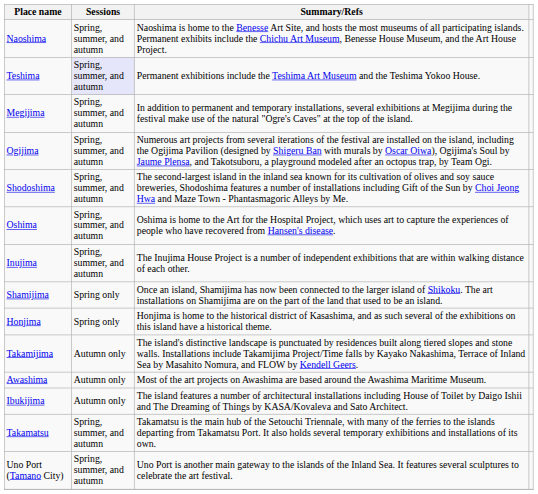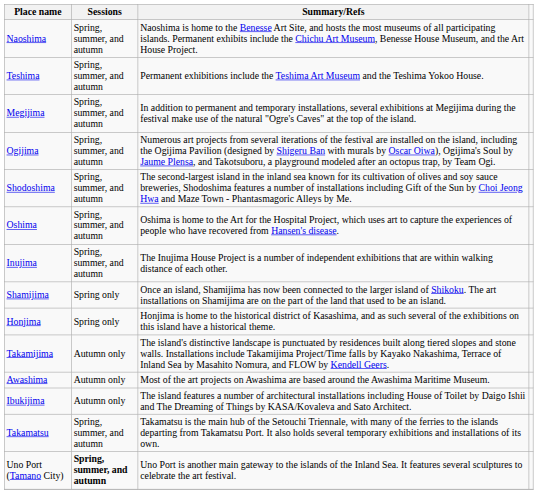 <table class="wikitable unsortable">
 <tr>
 <th scope="col">Place name</th>
 <th scope="col">Sessions</th>
 <th scope="col" class="unsortable">Summary/Refs</th>
 </tr>
 <tr>
 <td scope="row"><a href='#'>Naoshima</a></td>
 <td>Spring, summer, and autumn</td>
 <td>Naoshima is home to the <a href='#'>Benesse</a> Art Site, and hosts the most museums of all participating islands. Permanent exhibits include the <a href='#'>Chichu Art Museum</a>, Benesse House Museum, and the Art House Project.</td>
 <td></td>
 </tr>
 <tr>
 <td scope="row"><a href='#'>Teshima</a></td>
-<td style="background: lavender;">Spring, summer, and autumn</td>
+<td>Spring, summer, and autumn</td>
 <td>Permanent exhibitions include the <a href='#'>Teshima Art Museum</a> and the Teshima Yokoo House.</td>
 <td></td>
 </tr>
 <tr>
 <td scope="row"><a href='#'>Megijima</a></td>
 <td>Spring, summer, and autumn</td>
 <td>In addition to permanent and temporary installations, several exhibitions at Megijima during the festival make use of the natural "Ogre's Caves" at the top of the island.</td>
 <td></td>
 </tr>
 <tr>
 <td scope="row"><a href='#'>Ogijima</a></td>
 <td>Spring, summer, and autumn</td>
 <td>Numerous art projects from several iterations of the festival are installed on the island, including the Ogijima Pavilion (designed by <a href='#'>Shigeru Ban</a> with murals by <a href='#'>Oscar Oiwa</a>), Ogijima's Soul by <a href='#'>Jaume Plensa</a>, and Takotsuboru, a playground modeled after an octopus trap, by Team Ogi.</td>
 <td></td>
 </tr>
 <tr>
 <td scope="row"><a href='#'>Shodoshima</a></td>
 <td>Spring, summer, and autumn</td>
 <td>The second-largest island in the inland sea known for its cultivation of olives and soy sauce breweries, Shodoshima features a number of installations including Gift of the Sun by <a href='#'>Choi Jeong Hwa</a> and Maze Town - Phantasmagoric Alleys by Me.</td>
 <td></td>
 </tr>
 <tr>
 <td scope="row"><a href='#'>Oshima</a></td>
 <td>Spring, summer, and autumn</td>
 <td>Oshima is home to the Art for the Hospital Project, which uses art to capture the experiences of people who have recovered from <a href='#'>Hansen's disease</a>.</td>
 <td></td>
 </tr>
 <tr>
 <td scope="row"><a href='#'>Inujima</a></td>
 <td>Spring, summer, and autumn</td>
 <td>The Inujima House Project is a number of independent exhibitions that are within walking distance of each other.</td>
 <td></td>
 </tr>
 <tr>
 <td scope="row"><a href='#'>Shamijima</a></td>
 <td>Spring only</td>
 <td>Once an island, Shamijima has now been connected to the larger island of <a href='#'>Shikoku</a>. The art installations on Shamijima are on the part of the land that used to be an island.</td>
 <td></td>
 </tr>
 <tr>
 <td scope="row"><a href='#'>Honjima</a></td>
 <td>Spring only</td>
 <td>Honjima is home to the historical district of Kasashima, and as such several of the exhibitions on this island have a historical theme.</td>
 <td></td>
 </tr>
 <tr>
 <td scope="row"><a href='#'>Takamijima</a></td>
 <td>Autumn only</td>
 <td>The island's distinctive landscape is punctuated by residences built along tiered slopes and stone walls. Installations include Takamijima Project/Time falls by Kayako Nakashima, Terrace of Inland Sea by Masahito Nomura, and FLOW by <a href='#'>Kendell Geers</a>.</td>
 <td></td>
 </tr>
 <tr>
 <td scope="row"><a href='#'>Awashima</a></td>
 <td>Autumn only</td>
 <td>Most of the art projects on Awashima are based around the Awashima Maritime Museum.</td>
 <td></td>
 </tr>
 <tr>
 <td scope="row"><a href='#'>Ibukijima</a></td>
 <td>Autumn only</td>
 <td>The island features a number of architectural installations including House of Toilet by Daigo Ishii and The Dreaming of Things by KASA/Kovaleva and Sato Architect.</td>
 <td></td>
 </tr>
 <tr>
 <td scope="row"><a href='#'>Takamatsu</a></td>
 <td>Spring, summer, and autumn</td>
 <td>Takamatsu is the main hub of the Setouchi Triennale, with many of the ferries to the islands departing from Takamatsu Port. It also holds several temporary exhibitions and installations of its own.</td>
 <td></td>
 </tr>
 <tr>
 <td scope="row">Uno Port (<a href='#'>Tamano</a> City)</td>
-<td>Spring, summer, and autumn</td>
+<td><strong>Spring, summer, and autumn</strong></td>
 <td>Uno Port is another main gateway to the islands of the Inland Sea. It features several sculptures to celebrate the art festival.</td>
 <td></td>
 </tr>
 <tr>
 </tr>
 </table>
